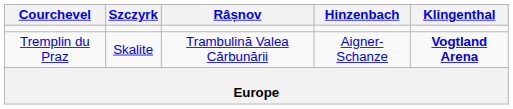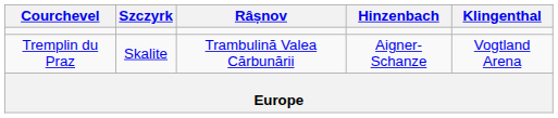 <table class="wikitable" style="text-align:center">
 <tr>
 <th> <a href='#'>Courchevel</a></th>
 <th> <a href='#'>Szczyrk</a></th>
 <th> <a href='#'>Râșnov</a></th>
 <th> <a href='#'>Hinzenbach</a></th>
 <th> <a href='#'>Klingenthal</a></th>
 </tr>
 <tr>
 <td></td>
 <td></td>
 <td></td>
 <td></td>
 <td></td>
 </tr>
 <tr>
 <td><a href='#'>Tremplin du Praz</a></td>
 <td><a href='#'>Skalite</a></td>
 <td><a href='#'>Trambulină Valea Cărbunării</a></td>
 <td><a href='#'>Aigner-Schanze</a></td>
-<td><strong><a href='#'>Vogtland Arena</a></strong></td>
+<td><a href='#'>Vogtland Arena</a></td>
 </tr>
 <tr>
 <th colspan="5"><br>Europe </th>
 </tr>
 </table>
